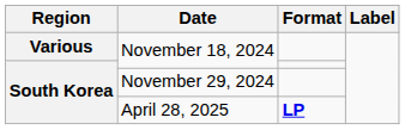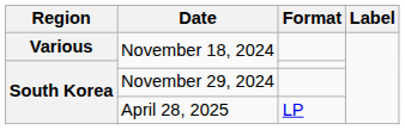 <table class="wikitable plainrowheaders">
 <tr>
 <th scope="col">Region</th>
 <th scope="col">Date</th>
 <th scope="col">Format</th>
 <th scope="col">Label</th>
 </tr>
 <tr>
 <th scope="row">Various </th>
 <td rowspan="2">November 18, 2024</td>
 <td></td>
 <td rowspan="4"></td>
 </tr>
 <tr>
 <th scope="row" rowspan="3">South Korea</th>
 <td></td>
 </tr>
 <tr>
 <td>November 29, 2024</td>
 <td></td>
 </tr>
 <tr>
 <td>April 28, 2025</td>
-<td><strong><a href='#'>LP</a></strong></td>
+<td><a href='#'>LP</a></td>
 </tr>
 </table>
